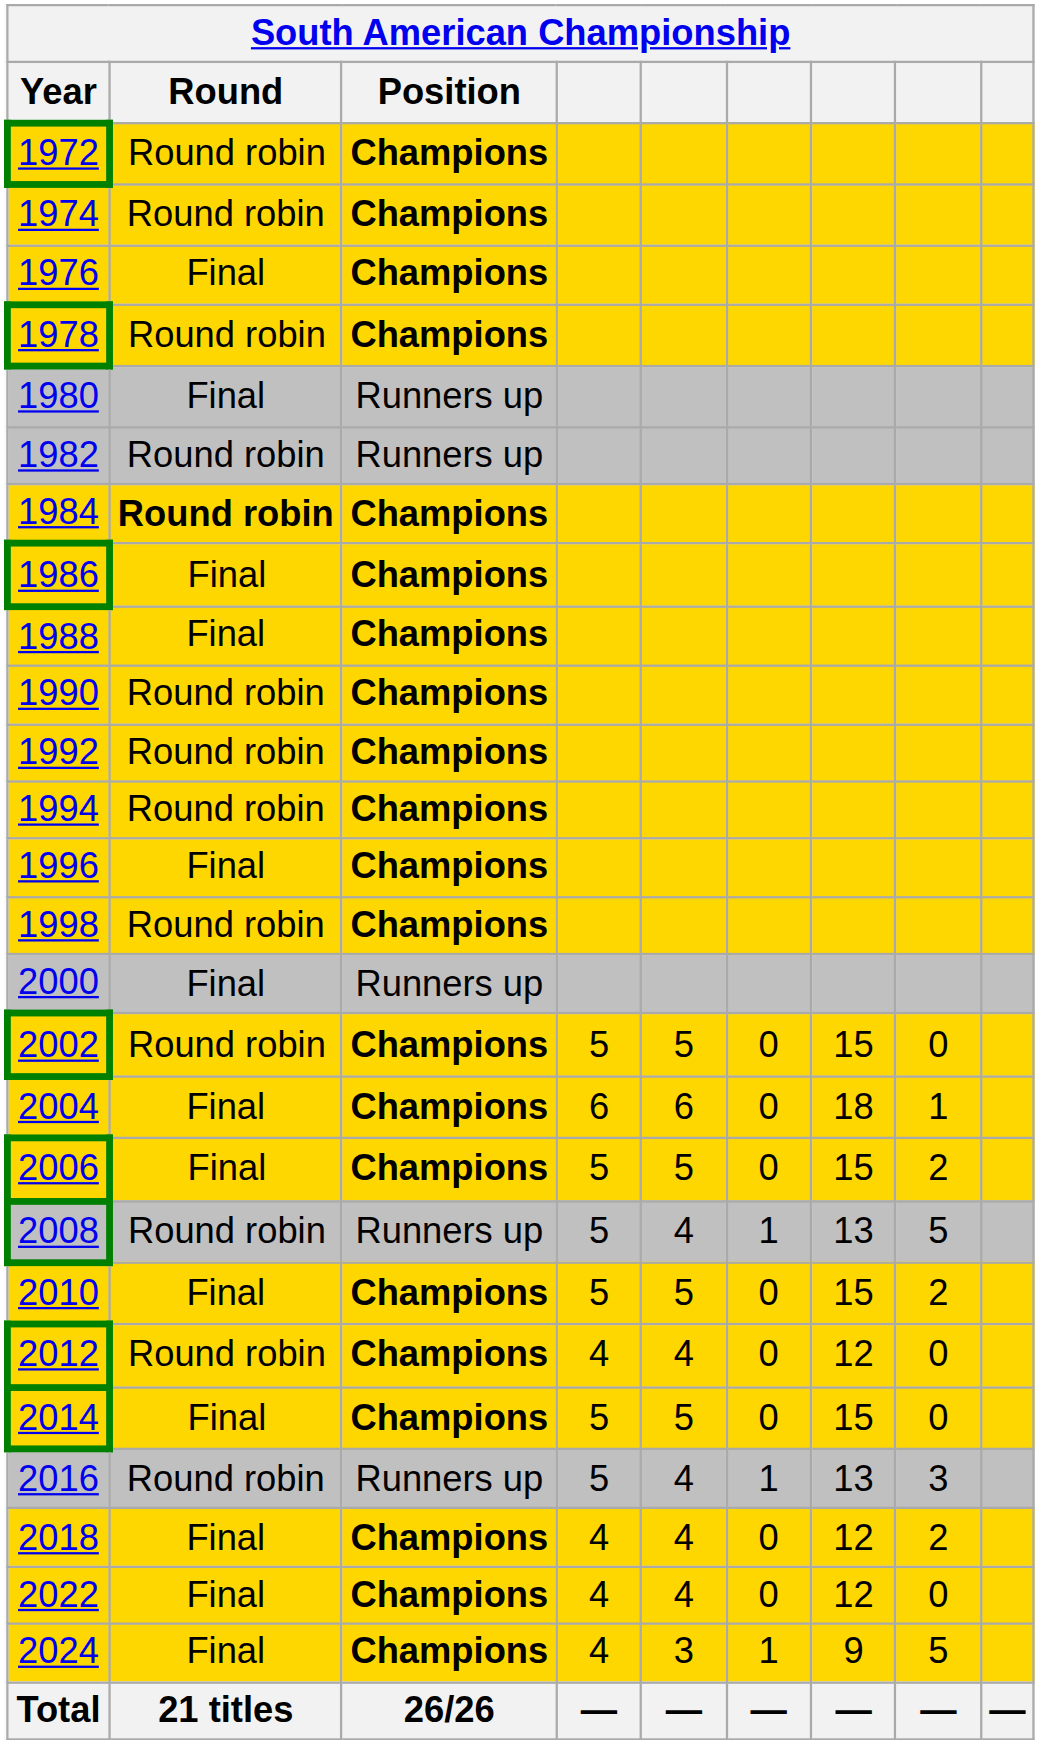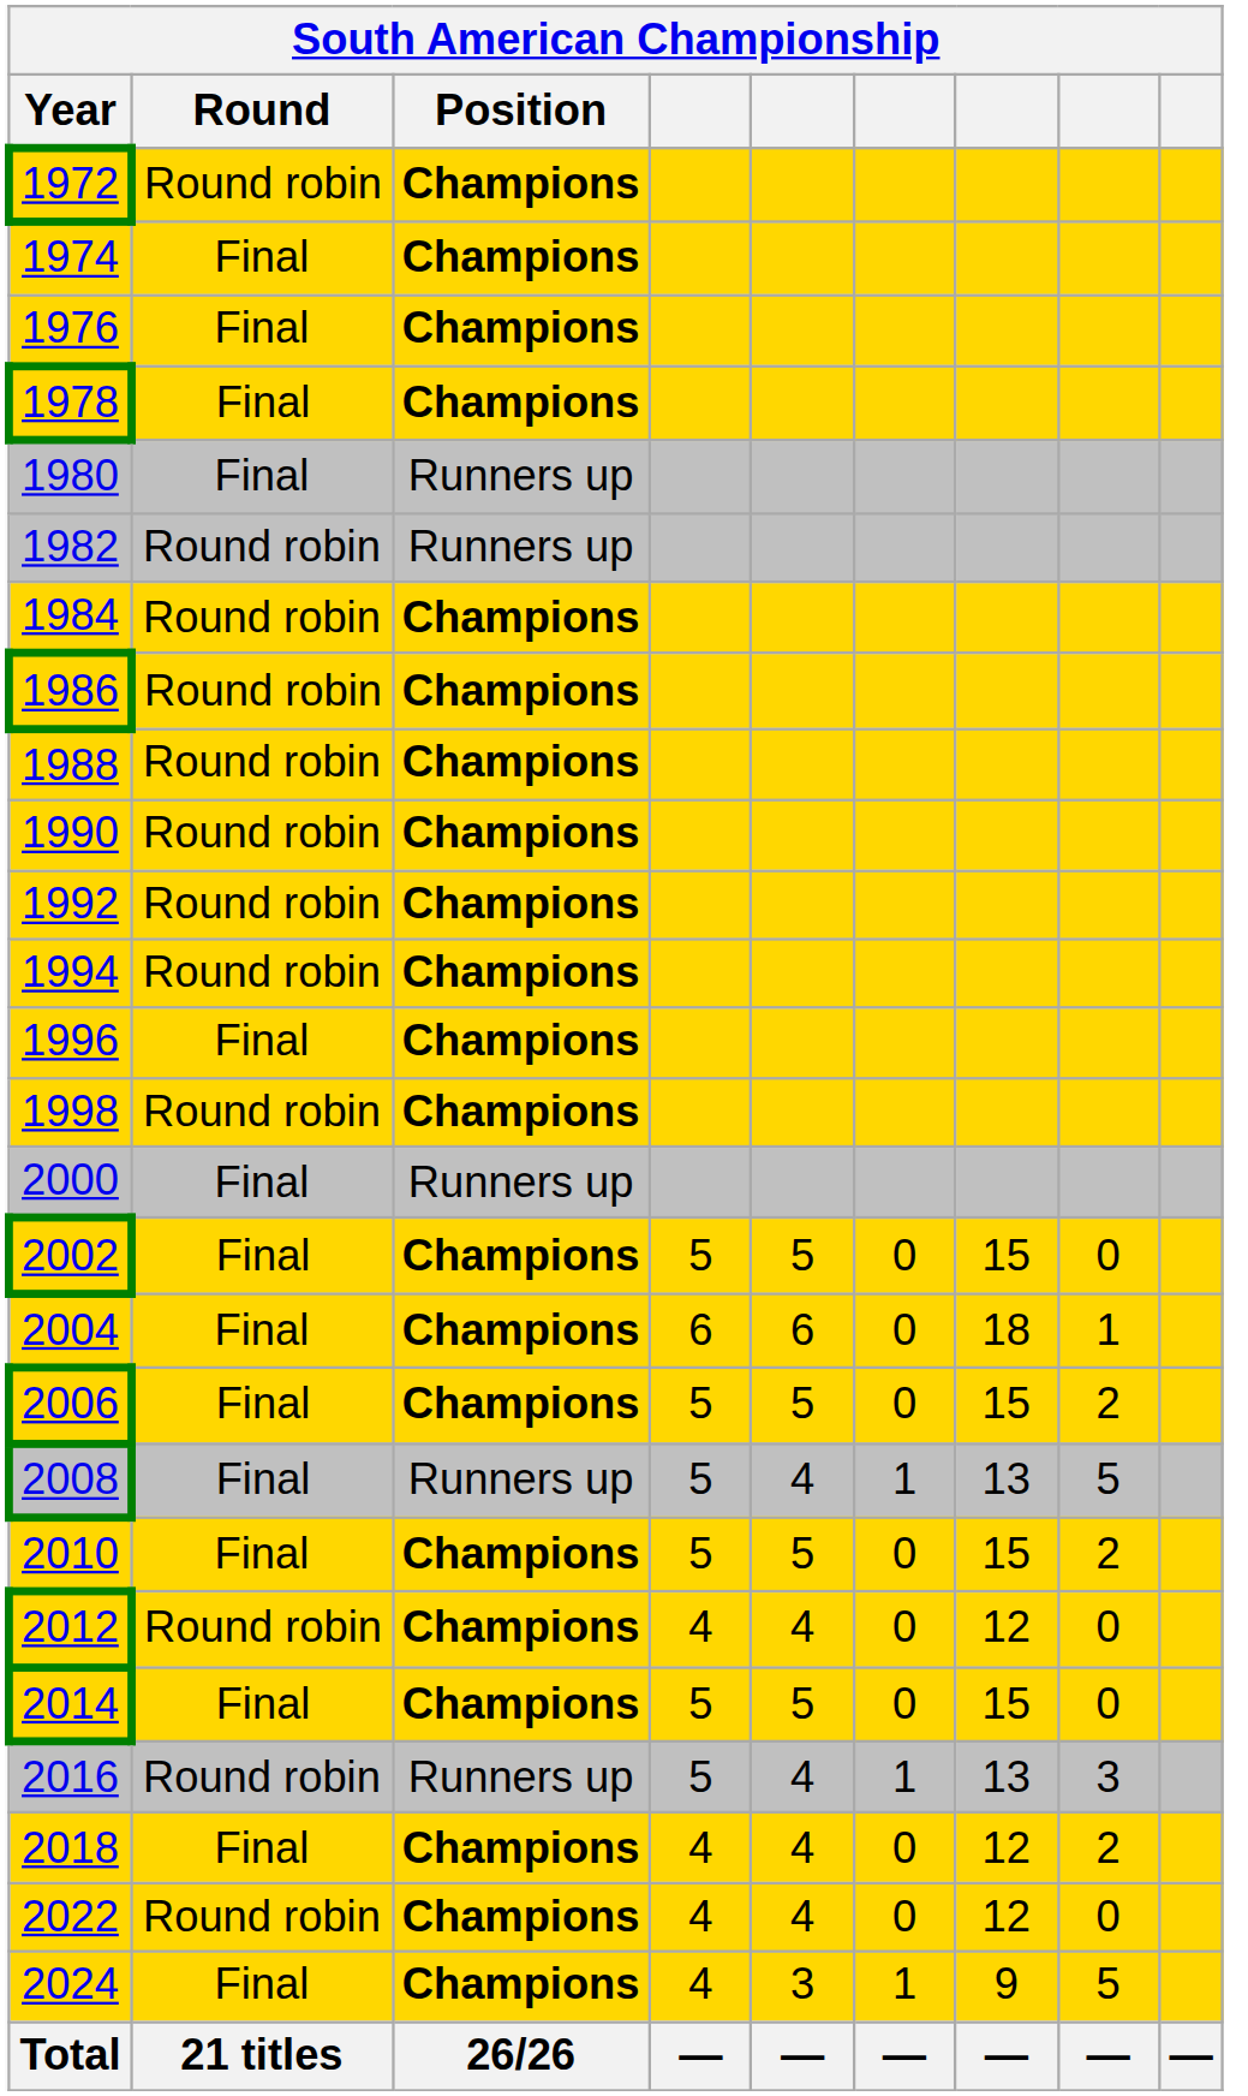 <table class="wikitable" style="text-align: center;">
 <tr>
 <th colspan=9><strong><a href='#'>South American Championship</a></strong></th>
 </tr>
 <tr>
 <th><strong>Year</strong></th>
 <th><strong>Round</strong></th>
 <th><strong>Position</strong></th>
 <th width=30><strong></strong></th>
 <th width=30><strong></strong></th>
 <th width=30><strong></strong></th>
 <th width=30><strong></strong></th>
 <th width=30><strong></strong></th>
 <th><strong></strong></th>
 </tr>
 <tr bgcolor=gold>
 <td style="border:3px solid green"> <a href='#'>1972</a></td>
 <td>Round robin</td>
 <td><strong>Champions</strong></td>
 <td></td>
 <td></td>
 <td></td>
 <td></td>
 <td></td>
 <td></td>
 </tr>
 <tr bgcolor=gold>
 <td> <a href='#'>1974</a></td>
-<td>Round robin</td>
+<td>Final</td>
 <td><strong>Champions</strong></td>
 <td></td>
 <td></td>
 <td></td>
 <td></td>
 <td></td>
 <td></td>
 </tr>
 <tr bgcolor=gold>
 <td> <a href='#'>1976</a></td>
 <td>Final</td>
 <td><strong>Champions</strong></td>
 <td></td>
 <td></td>
 <td></td>
 <td></td>
 <td></td>
 <td></td>
 </tr>
 <tr bgcolor=gold>
 <td style="border:3px solid green"> <a href='#'>1978</a></td>
-<td>Round robin</td>
+<td>Final</td>
 <td><strong>Champions</strong></td>
 <td></td>
 <td></td>
 <td></td>
 <td></td>
 <td></td>
 <td></td>
 </tr>
 <tr bgcolor=silver>
 <td> <a href='#'>1980</a></td>
 <td>Final</td>
 <td>Runners up</td>
 <td></td>
 <td></td>
 <td></td>
 <td></td>
 <td></td>
 <td></td>
 </tr>
 <tr bgcolor=silver>
 <td> <a href='#'>1982</a></td>
 <td>Round robin</td>
 <td>Runners up</td>
 <td></td>
 <td></td>
 <td></td>
 <td></td>
 <td></td>
 <td></td>
 </tr>
 <tr bgcolor=gold>
 <td> <a href='#'>1984</a></td>
-<td><strong>Round robin</strong></td>
+<td>Round robin</td>
 <td><strong>Champions</strong></td>
 <td></td>
 <td></td>
 <td></td>
 <td></td>
 <td></td>
 <td></td>
 </tr>
 <tr bgcolor=gold>
 <td style="border:3px solid green"> <a href='#'>1986</a></td>
-<td>Final</td>
+<td>Round robin</td>
 <td><strong>Champions</strong></td>
 <td></td>
 <td></td>
 <td></td>
 <td></td>
 <td></td>
 <td></td>
 </tr>
 <tr bgcolor=gold>
 <td> <a href='#'>1988</a></td>
-<td>Final</td>
+<td>Round robin</td>
 <td><strong>Champions</strong></td>
 <td></td>
 <td></td>
 <td></td>
 <td></td>
 <td></td>
 <td></td>
 </tr>
 <tr bgcolor=gold>
 <td> <a href='#'>1990</a></td>
 <td>Round robin</td>
 <td><strong>Champions</strong></td>
 <td></td>
 <td></td>
 <td></td>
 <td></td>
 <td></td>
 <td></td>
 </tr>
 <tr bgcolor=gold>
 <td> <a href='#'>1992</a></td>
 <td>Round robin</td>
 <td><strong>Champions</strong></td>
 <td></td>
 <td></td>
 <td></td>
 <td></td>
 <td></td>
 <td></td>
 </tr>
 <tr bgcolor=gold>
 <td> <a href='#'>1994</a></td>
 <td>Round robin</td>
 <td><strong>Champions</strong></td>
 <td></td>
 <td></td>
 <td></td>
 <td></td>
 <td></td>
 <td></td>
 </tr>
 <tr bgcolor=gold>
 <td> <a href='#'>1996</a></td>
 <td>Final</td>
 <td><strong>Champions</strong></td>
 <td></td>
 <td></td>
 <td></td>
 <td></td>
 <td></td>
 <td></td>
 </tr>
 <tr bgcolor=gold>
 <td> <a href='#'>1998</a></td>
 <td>Round robin</td>
 <td><strong>Champions</strong></td>
 <td></td>
 <td></td>
 <td></td>
 <td></td>
 <td></td>
 <td></td>
 </tr>
 <tr bgcolor=silver>
 <td> <a href='#'>2000</a></td>
 <td>Final</td>
 <td>Runners up</td>
 <td></td>
 <td></td>
 <td></td>
 <td></td>
 <td></td>
 <td></td>
 </tr>
 <tr bgcolor=gold>
 <td style="border:3px solid green"> <a href='#'>2002</a></td>
-<td>Round robin</td>
+<td>Final</td>
 <td><strong>Champions</strong></td>
 <td>5</td>
 <td>5</td>
 <td>0</td>
 <td>15</td>
 <td>0</td>
 <td></td>
 </tr>
 <tr bgcolor=gold>
 <td> <a href='#'>2004</a></td>
 <td>Final</td>
 <td><strong>Champions</strong></td>
 <td>6</td>
 <td>6</td>
 <td>0</td>
 <td>18</td>
 <td>1</td>
 <td></td>
 </tr>
 <tr bgcolor=gold>
 <td style="border:3px solid green"> <a href='#'>2006</a></td>
 <td>Final</td>
 <td><strong>Champions</strong></td>
 <td>5</td>
 <td>5</td>
 <td>0</td>
 <td>15</td>
 <td>2</td>
 <td></td>
 </tr>
 <tr bgcolor=silver>
 <td style="border:3px solid green"> <a href='#'>2008</a></td>
-<td>Round robin</td>
+<td>Final</td>
 <td>Runners up</td>
 <td>5</td>
 <td>4</td>
 <td>1</td>
 <td>13</td>
 <td>5</td>
 <td></td>
 </tr>
 <tr bgcolor=gold>
 <td> <a href='#'>2010</a></td>
 <td>Final</td>
 <td><strong>Champions</strong></td>
 <td>5</td>
 <td>5</td>
 <td>0</td>
 <td>15</td>
 <td>2</td>
 <td></td>
 </tr>
 <tr bgcolor=gold>
 <td style="border:3px solid green"> <a href='#'>2012</a></td>
 <td>Round robin</td>
 <td><strong>Champions</strong></td>
 <td>4</td>
 <td>4</td>
 <td>0</td>
 <td>12</td>
 <td>0</td>
 <td></td>
 </tr>
 <tr bgcolor=gold>
 <td style="border:3px solid green"> <a href='#'>2014</a></td>
 <td>Final</td>
 <td><strong>Champions</strong></td>
 <td>5</td>
 <td>5</td>
 <td>0</td>
 <td>15</td>
 <td>0</td>
 <td></td>
 </tr>
 <tr bgcolor=silver>
 <td> <a href='#'>2016</a></td>
 <td>Round robin</td>
 <td>Runners up</td>
 <td>5</td>
 <td>4</td>
 <td>1</td>
 <td>13</td>
 <td>3</td>
 <td></td>
 </tr>
 <tr bgcolor=gold>
 <td> <a href='#'>2018</a></td>
 <td>Final</td>
 <td><strong>Champions</strong></td>
 <td>4</td>
 <td>4</td>
 <td>0</td>
 <td>12</td>
 <td>2</td>
 <td></td>
 </tr>
 <tr bgcolor=gold>
 <td> <a href='#'>2022</a></td>
-<td>Final</td>
+<td>Round robin</td>
 <td><strong>Champions</strong></td>
 <td>4</td>
 <td>4</td>
 <td>0</td>
 <td>12</td>
 <td>0</td>
 <td></td>
 </tr>
 <tr bgcolor=gold>
 <td> <a href='#'>2024</a></td>
 <td>Final</td>
 <td><strong>Champions</strong></td>
 <td>4</td>
 <td>3</td>
 <td>1</td>
 <td>9</td>
 <td>5</td>
 <td></td>
 </tr>
 <tr>
 <th><strong>Total</strong></th>
 <th><strong>21 titles</strong></th>
 <th><strong>26/26</strong></th>
 <th><strong>—</strong></th>
 <th><strong>—</strong></th>
 <th><strong>—</strong></th>
 <th><strong>—</strong></th>
 <th><strong>—</strong></th>
 <th><strong>—</strong></th>
 </tr>
 </table>
